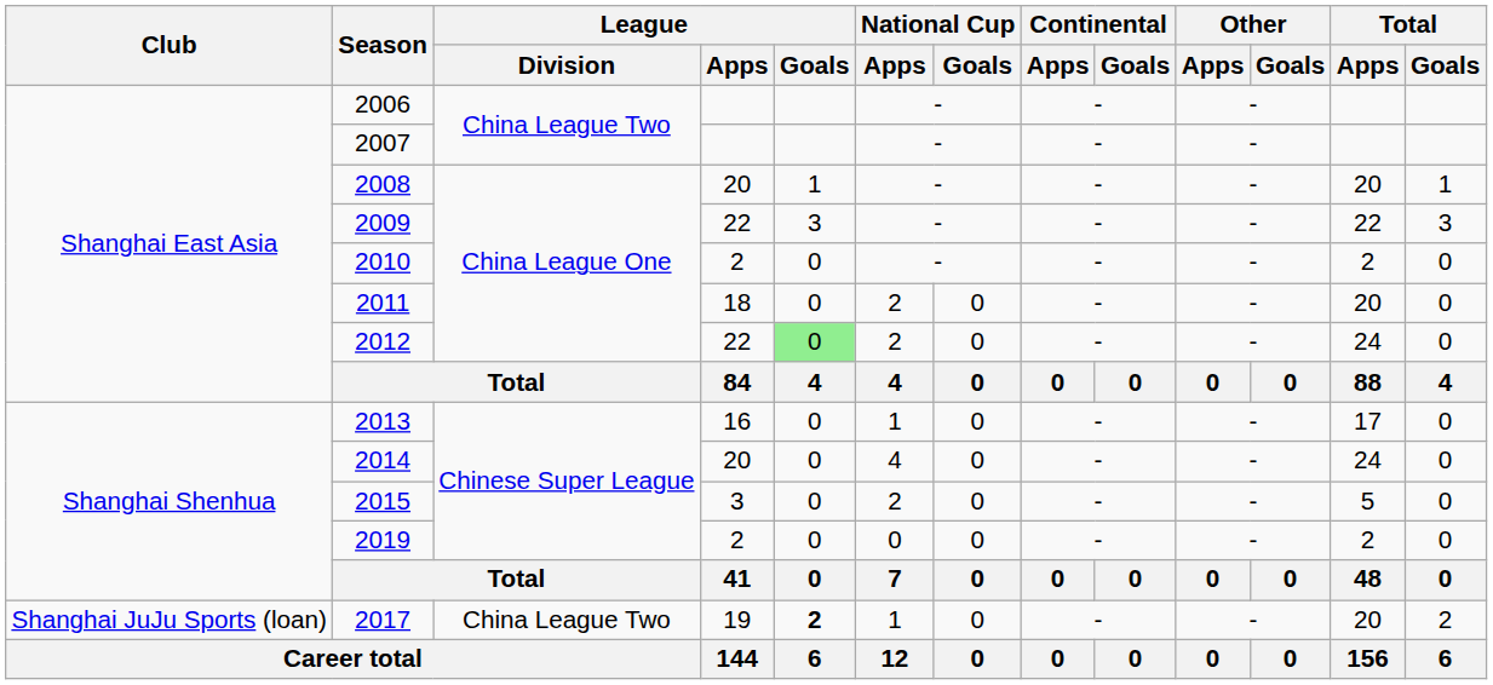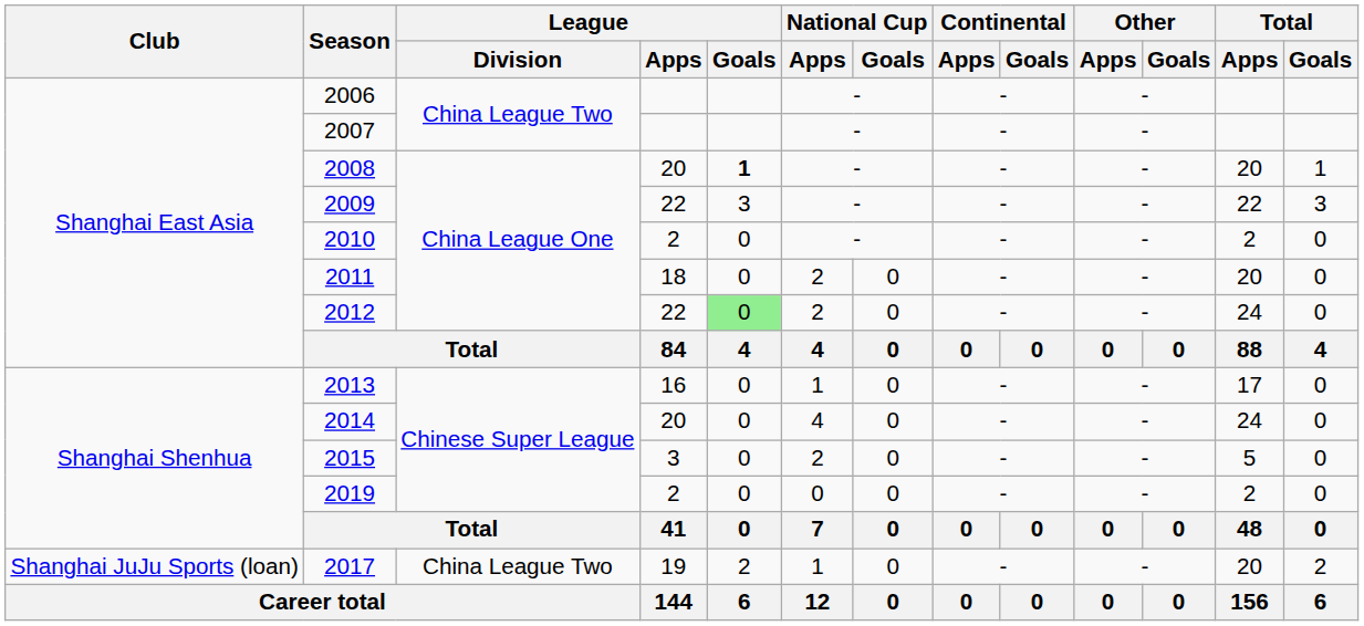 <table class="wikitable" style="text-align: center">
 <tr>
 <th rowspan="2">Club</th>
 <th rowspan="2">Season</th>
 <th colspan="3">League</th>
 <th colspan="2">National Cup</th>
 <th colspan="2">Continental</th>
 <th colspan="2">Other</th>
 <th colspan="2">Total</th>
 </tr>
 <tr>
 <th>Division</th>
 <th>Apps</th>
 <th>Goals</th>
 <th>Apps</th>
 <th>Goals</th>
 <th>Apps</th>
 <th>Goals</th>
 <th>Apps</th>
 <th>Goals</th>
 <th>Apps</th>
 <th>Goals</th>
 </tr>
 <tr>
 <td rowspan=8><a href='#'>Shanghai East Asia</a></td>
 <td>2006</td>
 <td rowspan="2"><a href='#'>China League Two</a></td>
 <td></td>
 <td></td>
 <td colspan="2">-</td>
 <td colspan="2">-</td>
 <td colspan="2">-</td>
 <td></td>
 <td></td>
 </tr>
 <tr>
 <td>2007</td>
 <td></td>
 <td></td>
 <td colspan="2">-</td>
 <td colspan="2">-</td>
 <td colspan="2">-</td>
 <td></td>
 <td></td>
 </tr>
 <tr>
 <td><a href='#'>2008</a></td>
 <td rowspan="5"><a href='#'>China League One</a></td>
 <td>20</td>
-<td>1</td>
+<td><strong>1</strong></td>
 <td colspan="2">-</td>
 <td colspan="2">-</td>
 <td colspan="2">-</td>
 <td>20</td>
 <td>1</td>
 </tr>
 <tr>
 <td><a href='#'>2009</a></td>
 <td>22</td>
 <td>3</td>
 <td colspan="2">-</td>
 <td colspan="2">-</td>
 <td colspan="2">-</td>
 <td>22</td>
 <td>3</td>
 </tr>
 <tr>
 <td><a href='#'>2010</a></td>
 <td>2</td>
 <td>0</td>
 <td colspan="2">-</td>
 <td colspan="2">-</td>
 <td colspan="2">-</td>
 <td>2</td>
 <td>0</td>
 </tr>
 <tr>
 <td><a href='#'>2011</a></td>
 <td>18</td>
 <td>0</td>
 <td>2</td>
 <td>0</td>
 <td colspan="2">-</td>
 <td colspan="2">-</td>
 <td>20</td>
 <td>0</td>
 </tr>
 <tr>
 <td><a href='#'>2012</a></td>
 <td>22</td>
 <td style="background: lightgreen;">0</td>
 <td>2</td>
 <td>0</td>
 <td colspan="2">-</td>
 <td colspan="2">-</td>
 <td>24</td>
 <td>0</td>
 </tr>
 <tr>
 <th colspan="2"><strong>Total</strong></th>
 <th>84</th>
 <th>4</th>
 <th>4</th>
 <th>0</th>
 <th>0</th>
 <th>0</th>
 <th>0</th>
 <th>0</th>
 <th>88</th>
 <th>4</th>
 </tr>
 <tr>
 <td rowspan=5><a href='#'>Shanghai Shenhua</a></td>
 <td><a href='#'>2013</a></td>
 <td rowspan=4><a href='#'>Chinese Super League</a></td>
 <td>16</td>
 <td>0</td>
 <td>1</td>
 <td>0</td>
 <td colspan="2">-</td>
 <td colspan="2">-</td>
 <td>17</td>
 <td>0</td>
 </tr>
 <tr>
 <td><a href='#'>2014</a></td>
 <td>20</td>
 <td>0</td>
 <td>4</td>
 <td>0</td>
 <td colspan="2">-</td>
 <td colspan="2">-</td>
 <td>24</td>
 <td>0</td>
 </tr>
 <tr>
 <td><a href='#'>2015</a></td>
 <td>3</td>
 <td>0</td>
 <td>2</td>
 <td>0</td>
 <td colspan="2">-</td>
 <td colspan="2">-</td>
 <td>5</td>
 <td>0</td>
 </tr>
 <tr>
 <td><a href='#'>2019</a></td>
 <td>2</td>
 <td>0</td>
 <td>0</td>
 <td>0</td>
 <td colspan="2">-</td>
 <td colspan="2">-</td>
 <td>2</td>
 <td>0</td>
 </tr>
 <tr>
 <th colspan="2"><strong>Total</strong></th>
 <th>41</th>
 <th>0</th>
 <th>7</th>
 <th>0</th>
 <th>0</th>
 <th>0</th>
 <th>0</th>
 <th>0</th>
 <th>48</th>
 <th>0</th>
 </tr>
 <tr>
 <td><a href='#'>Shanghai JuJu Sports</a> (loan)</td>
 <td><a href='#'>2017</a></td>
 <td>China League Two</td>
 <td>19</td>
-<td><strong>2</strong></td>
+<td>2</td>
 <td>1</td>
 <td>0</td>
 <td colspan="2">-</td>
 <td colspan="2">-</td>
 <td>20</td>
 <td>2</td>
 </tr>
 <tr>
 <th colspan=3>Career total</th>
 <th>144</th>
 <th>6</th>
 <th>12</th>
 <th>0</th>
 <th>0</th>
 <th>0</th>
 <th>0</th>
 <th>0</th>
 <th>156</th>
 <th>6</th>
 </tr>
 </table>
